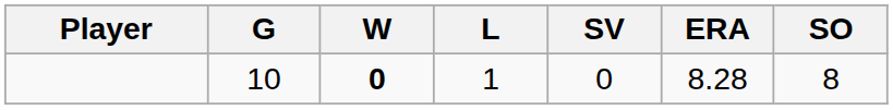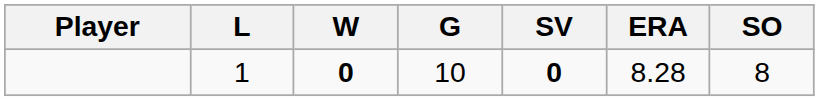 <table class="wikitable sortable">
 <tr>
 <th bgcolor="#DDDDFF" width="16%">Player</th>
+<th bgcolor="#DDDDFF" width="9%">L</th>
+<th bgcolor="#DDDDFF" width="9%">W</th>
 <th bgcolor="#DDDDFF" width="9%">G</th>
-<th bgcolor="#DDDDFF" width="9%">W</th>
-<th bgcolor="#DDDDFF" width="9%">L</th>
 <th bgcolor="#DDDDFF" width="9%">SV</th>
 <th bgcolor="#DDDDFF" width="9%">ERA</th>
 <th bgcolor="#DDDDFF" width="9%">SO</th>
 </tr>
 <tr align="center">
 <td></td>
+<td>1</td>
+<td><strong>0</strong></td>
 <td>10</td>
 <td><strong>0</strong></td>
-<td>1</td>
-<td>0</td>
 <td>8.28</td>
 <td>8</td>
 </tr>
 </table>
